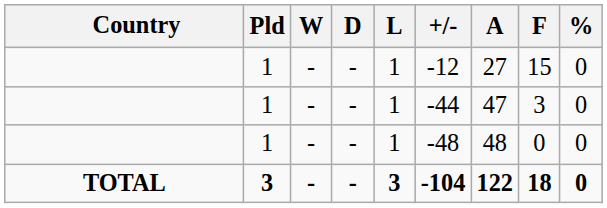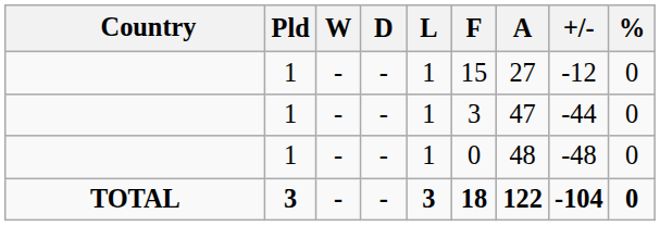 <table class="wikitable" style="text-align:center">
 <tr border="1" cellpadding="5" cellspacing="0">
 <th bgcolor="#efefef" width="150">　Country</th>
 <th bgcolor="#efefef" width="20">Pld</th>
 <th bgcolor="#efefef" width="20">W</th>
 <th bgcolor="#efefef" width="20">D</th>
 <th bgcolor="#efefef" width="20">L</th>
+<th bgcolor="#efefef" width="20">F</th>
+<th bgcolor="#efefef" width="20">A</th>
 <th bgcolor="#efefef" width="25">+/-</th>
-<th bgcolor="#efefef" width="20">A</th>
-<th bgcolor="#efefef" width="20">F</th>
 <th bgcolor="#efefef" width="20">%</th>
 </tr>
 <tr>
 <td align="left"></td>
 <td>1</td>
 <td>-</td>
 <td>-</td>
 <td>1</td>
+<td>15</td>
+<td>27</td>
 <td>-12</td>
-<td>27</td>
-<td>15</td>
 <td>0</td>
 </tr>
 <tr>
 <td align="left"></td>
 <td>1</td>
 <td>-</td>
 <td>-</td>
 <td>1</td>
+<td>3</td>
+<td>47</td>
 <td>-44</td>
-<td>47</td>
-<td>3</td>
 <td>0</td>
 </tr>
 <tr>
 <td align="left"></td>
 <td>1</td>
 <td>-</td>
 <td>-</td>
 <td>1</td>
+<td>0</td>
+<td>48</td>
 <td>-48</td>
-<td>48</td>
-<td>0</td>
 <td>0</td>
 </tr>
 <tr>
 <td><strong>TOTAL</strong></td>
 <td><strong>3</strong></td>
 <td><strong>-</strong></td>
 <td><strong>-</strong></td>
 <td><strong>3</strong></td>
+<td><strong>18</strong></td>
+<td><strong>122</strong></td>
 <td><strong>-104</strong></td>
-<td><strong>122</strong></td>
-<td><strong>18</strong></td>
 <td><strong>0</strong></td>
 </tr>
 </table>
